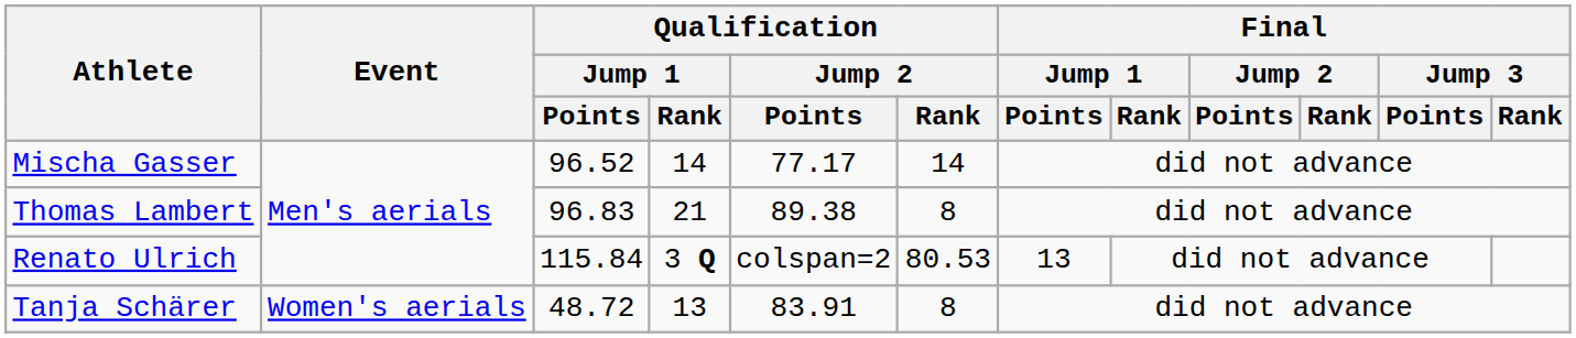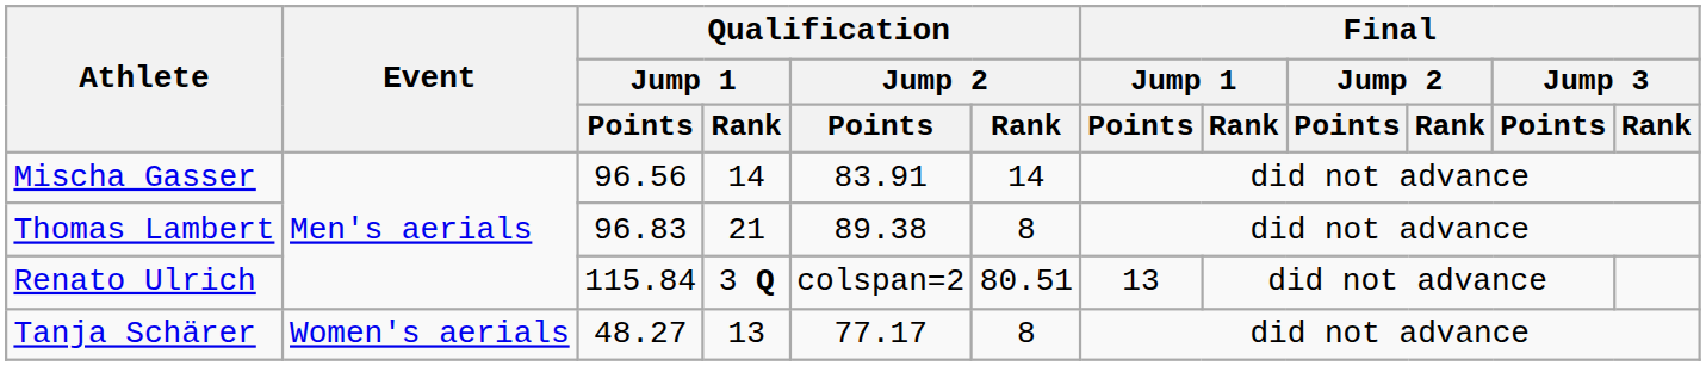 <table class="wikitable" style="font-size:90%">
 <tr>
 <th rowspan="3">Athlete</th>
 <th rowspan="3">Event</th>
 <th colspan="4">Qualification</th>
 <th colspan="6">Final</th>
 </tr>
 <tr style="font-size:95%">
 <th colspan=2>Jump 1</th>
 <th colspan=2>Jump 2</th>
 <th colspan=2>Jump 1</th>
 <th colspan=2>Jump 2</th>
 <th colspan=2>Jump 3</th>
 </tr>
 <tr style="font-size:95%">
 <th>Points</th>
 <th>Rank</th>
 <th>Points</th>
 <th>Rank</th>
 <th>Points</th>
 <th>Rank</th>
 <th>Points</th>
 <th>Rank</th>
 <th>Points</th>
 <th>Rank</th>
 </tr>
 <tr align=center>
 <td align=left><a href='#'>Mischa Gasser</a></td>
 <td align=left rowspan=3><a href='#'>Men's aerials</a></td>
-<td>96.52</td>
+<td>96.56</td>
 <td>14</td>
-<td>77.17</td>
+<td>83.91</td>
 <td>14</td>
 <td colspan=6>did not advance</td>
 </tr>
 <tr align=center>
 <td align=left><a href='#'>Thomas Lambert</a></td>
 <td>96.83</td>
 <td>21</td>
 <td>89.38</td>
 <td>8</td>
 <td colspan=6>did not advance</td>
 </tr>
 <tr align=center>
 <td align=left><a href='#'>Renato Ulrich</a></td>
 <td>115.84</td>
 <td>3 <strong>Q</strong></td>
 <td>colspan=2 </td>
-<td>80.53</td>
+<td>80.51</td>
 <td>13</td>
 <td colspan=4>did not advance</td>
 </tr>
 <tr align=center>
 <td align=left><a href='#'>Tanja Schärer</a></td>
 <td align=left><a href='#'>Women's aerials</a></td>
-<td>48.72</td>
+<td>48.27</td>
 <td>13</td>
-<td>83.91</td>
+<td>77.17</td>
 <td>8</td>
 <td colspan=6>did not advance</td>
 </tr>
 </table>
